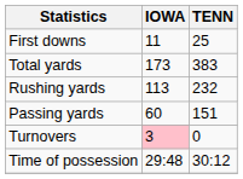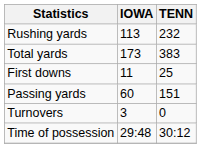 <table class="wikitable">
 <tr>
 <th>Statistics</th>
 <th>IOWA</th>
 <th>TENN</th>
 </tr>
 <tr>
-<td>First downs</td>
-<td>11</td>
-<td>25</td>
+<td>Rushing yards</td>
+<td>113</td>
+<td>232</td>
 </tr>
 <tr>
 <td>Total yards</td>
 <td>173</td>
 <td>383</td>
 </tr>
 <tr>
-<td>Rushing yards</td>
-<td>113</td>
-<td>232</td>
+<td>First downs</td>
+<td>11</td>
+<td>25</td>
 </tr>
 <tr>
 <td>Passing yards</td>
 <td>60</td>
 <td>151</td>
 </tr>
 <tr>
 <td>Turnovers</td>
-<td style="background: pink;">3</td>
+<td>3</td>
 <td>0</td>
 </tr>
 <tr>
 <td>Time of possession</td>
 <td>29:48</td>
 <td>30:12</td>
 </tr>
 <tr>
 </tr>
 </table>
